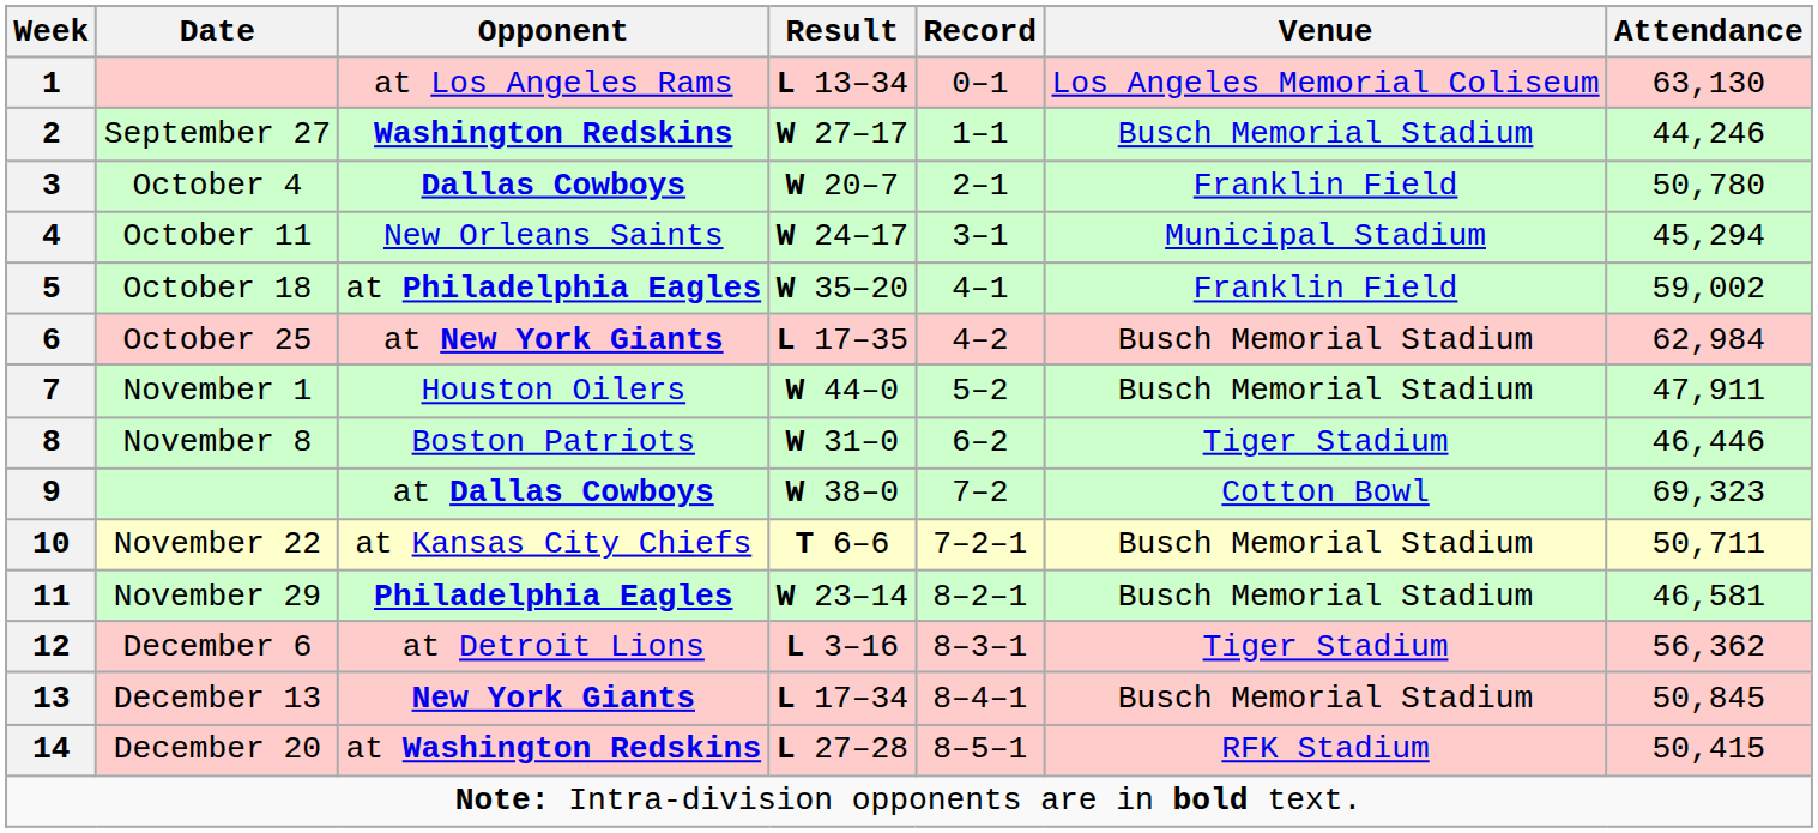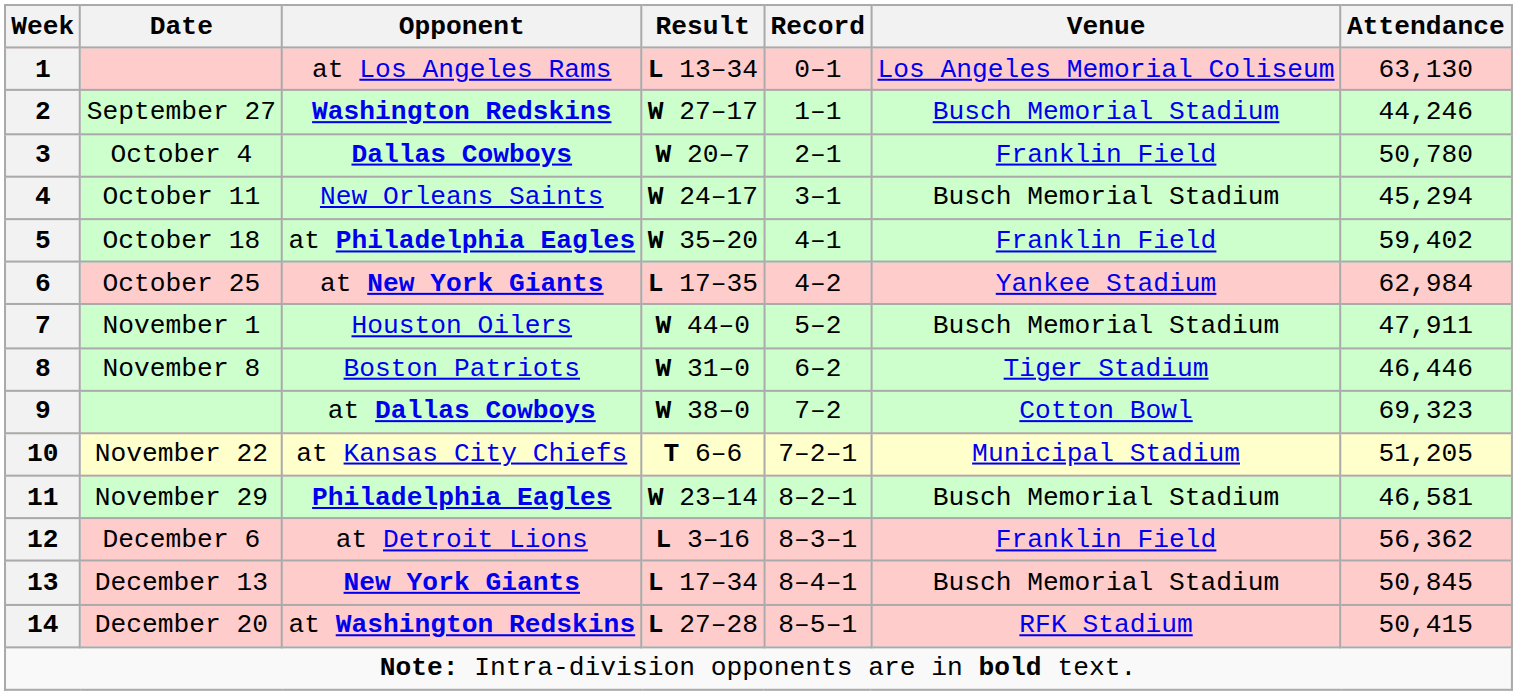 <table class="wikitable" style="text-align:center">
 <tr>
 <th>Week</th>
 <th>Date</th>
 <th>Opponent</th>
 <th>Result</th>
 <th>Record</th>
 <th>Venue</th>
 <th>Attendance</th>
 </tr>
 <tr style="background:#fcc">
 <th>1</th>
 <td></td>
 <td>at <a href='#'>Los Angeles Rams</a></td>
 <td><strong>L</strong> 13–34</td>
 <td>0–1</td>
 <td><a href='#'>Los Angeles Memorial Coliseum</a></td>
 <td>63,130</td>
 </tr>
 <tr style="background:#cfc">
 <th>2</th>
 <td>September 27</td>
 <td><strong><a href='#'>Washington Redskins</a></strong></td>
 <td><strong>W</strong> 27–17</td>
 <td>1–1</td>
 <td><a href='#'>Busch Memorial Stadium</a></td>
 <td>44,246</td>
 </tr>
 <tr style="background:#cfc">
 <th>3</th>
 <td>October 4</td>
 <td><strong><a href='#'>Dallas Cowboys</a></strong></td>
 <td><strong>W</strong> 20–7</td>
 <td>2–1</td>
 <td><a href='#'>Franklin Field</a></td>
 <td>50,780</td>
 </tr>
 <tr style="background:#cfc">
 <th>4</th>
 <td>October 11</td>
 <td><a href='#'>New Orleans Saints</a></td>
 <td><strong>W</strong> 24–17</td>
 <td>3–1</td>
-<td><a href='#'>Municipal Stadium</a></td>
+<td>Busch Memorial Stadium</td>
 <td>45,294</td>
 </tr>
 <tr style="background:#cfc">
 <th>5</th>
 <td>October 18</td>
 <td>at <strong><a href='#'>Philadelphia Eagles</a></strong></td>
 <td><strong>W</strong> 35–20</td>
 <td>4–1</td>
 <td><a href='#'>Franklin Field</a></td>
-<td>59,002</td>
+<td>59,402</td>
 </tr>
 <tr style="background:#fcc">
 <th>6</th>
 <td>October 25</td>
 <td>at <strong><a href='#'>New York Giants</a></strong></td>
 <td><strong>L</strong> 17–35</td>
 <td>4–2</td>
-<td>Busch Memorial Stadium</td>
+<td><a href='#'>Yankee Stadium</a></td>
 <td>62,984</td>
 </tr>
 <tr style="background:#cfc">
 <th>7</th>
 <td>November 1</td>
 <td><a href='#'>Houston Oilers</a></td>
 <td><strong>W</strong> 44–0</td>
 <td>5–2</td>
 <td>Busch Memorial Stadium</td>
 <td>47,911</td>
 </tr>
 <tr style="background:#cfc">
 <th>8</th>
 <td>November 8</td>
 <td><a href='#'>Boston Patriots</a></td>
 <td><strong>W</strong> 31–0</td>
 <td>6–2</td>
 <td><a href='#'>Tiger Stadium</a></td>
 <td>46,446</td>
 </tr>
 <tr style="background:#cfc">
 <th>9</th>
 <td></td>
 <td>at <strong><a href='#'>Dallas Cowboys</a></strong></td>
 <td><strong>W</strong> 38–0</td>
 <td>7–2</td>
 <td><a href='#'>Cotton Bowl</a></td>
 <td>69,323</td>
 </tr>
 <tr style="background:#ffc">
 <th>10</th>
 <td>November 22</td>
 <td>at <a href='#'>Kansas City Chiefs</a></td>
 <td><strong>T</strong> 6–6</td>
 <td>7–2–1</td>
-<td>Busch Memorial Stadium</td>
-<td>50,711</td>
+<td><a href='#'>Municipal Stadium</a></td>
+<td>51,205</td>
 </tr>
 <tr style="background:#cfc">
 <th>11</th>
 <td>November 29</td>
 <td><strong><a href='#'>Philadelphia Eagles</a></strong></td>
 <td><strong>W</strong> 23–14</td>
 <td>8–2–1</td>
 <td>Busch Memorial Stadium</td>
 <td>46,581</td>
 </tr>
 <tr style="background:#fcc">
 <th>12</th>
 <td>December 6</td>
 <td>at <a href='#'>Detroit Lions</a></td>
 <td><strong>L</strong> 3–16</td>
 <td>8–3–1</td>
-<td><a href='#'>Tiger Stadium</a></td>
+<td><a href='#'>Franklin Field</a></td>
 <td>56,362</td>
 </tr>
 <tr style="background:#fcc">
 <th>13</th>
 <td>December 13</td>
 <td><strong><a href='#'>New York Giants</a></strong></td>
 <td><strong>L</strong> 17–34</td>
 <td>8–4–1</td>
 <td>Busch Memorial Stadium</td>
 <td>50,845</td>
 </tr>
 <tr style="background:#fcc">
 <th>14</th>
 <td>December 20</td>
 <td>at <strong><a href='#'>Washington Redskins</a></strong></td>
 <td><strong>L</strong> 27–28</td>
 <td>8–5–1</td>
 <td><a href='#'>RFK Stadium</a></td>
 <td>50,415</td>
 </tr>
 <tr>
 <td colspan="8"><strong>Note:</strong> Intra-division opponents are in <strong>bold</strong> text.</td>
 </tr>
 </table>
